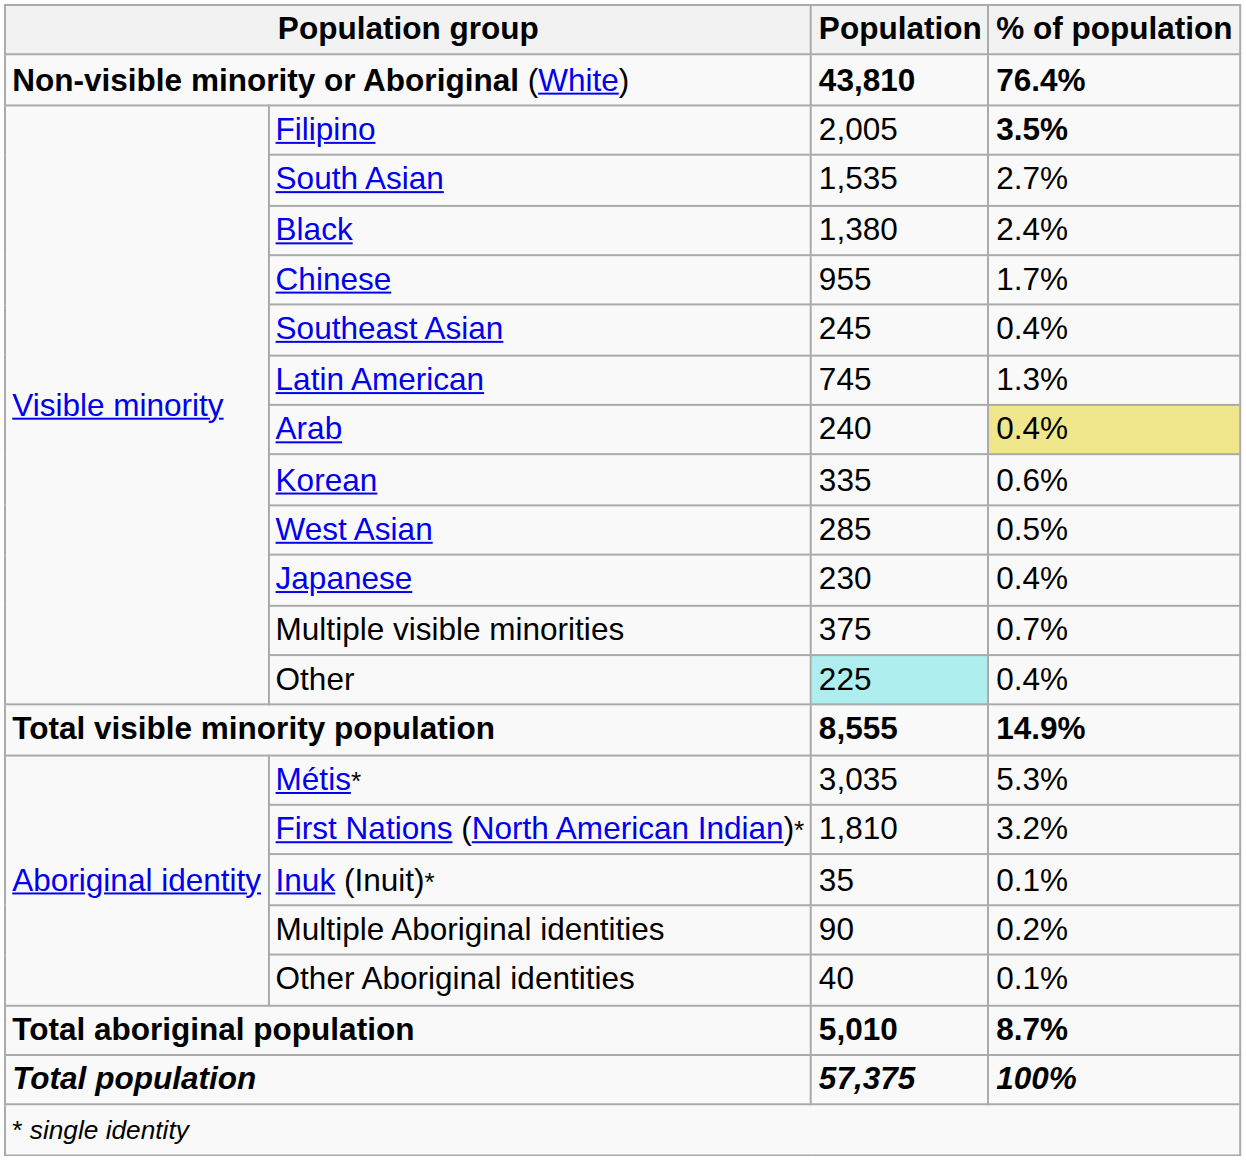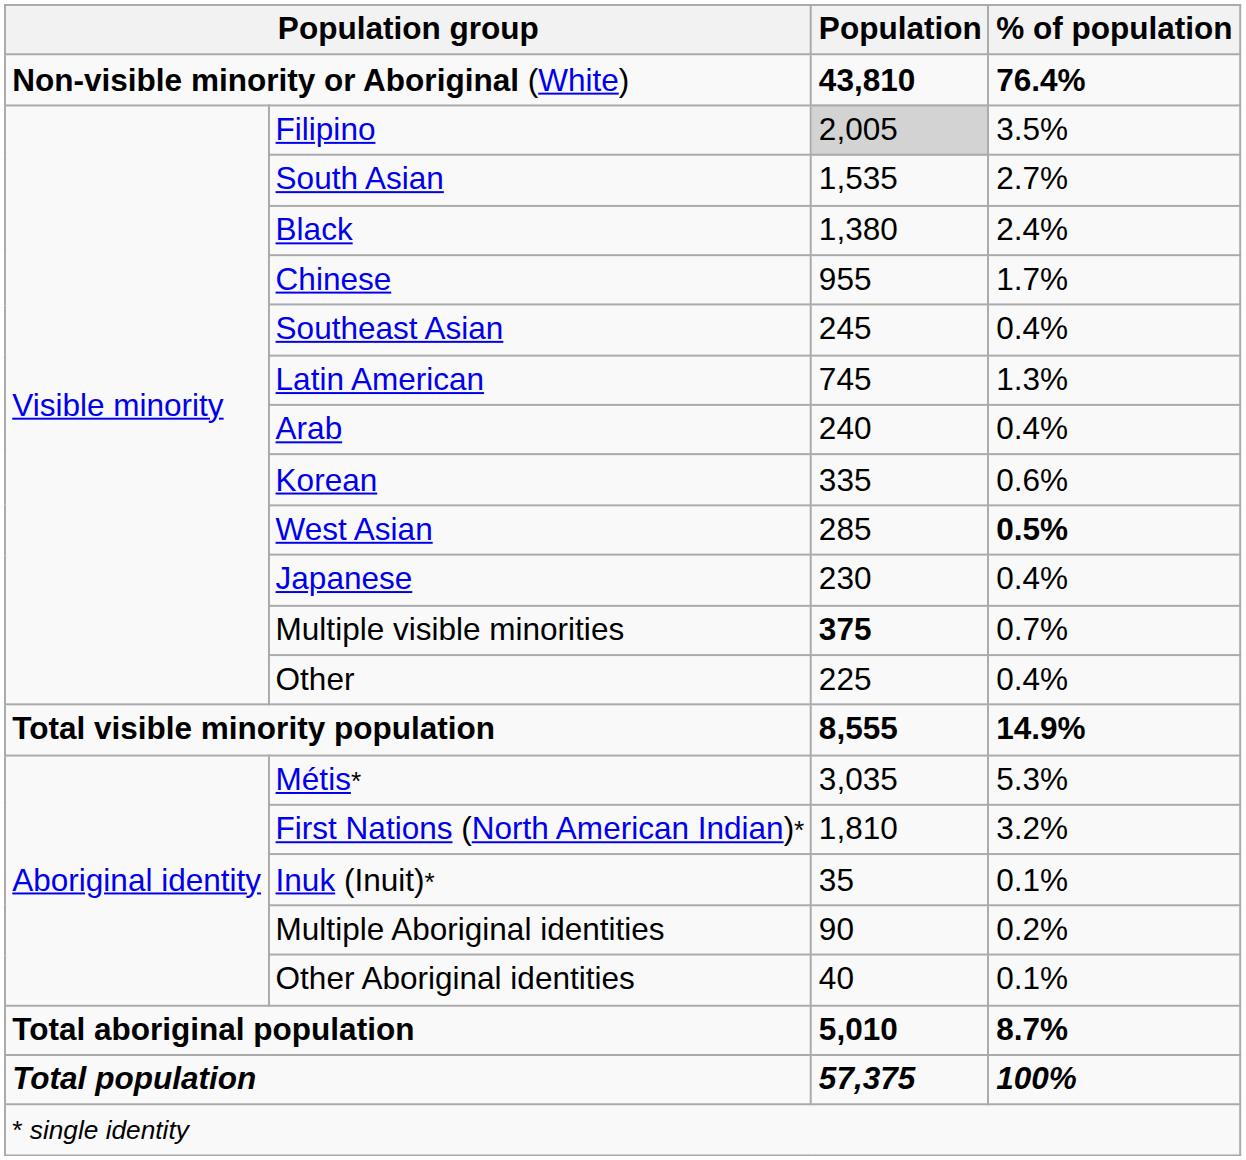 <table class="wikitable">
 <tr>
 <th colspan="2">Population group</th>
 <th>Population</th>
 <th>% of population</th>
 </tr>
 <tr>
 <td colspan="2"><strong>Non-visible minority or Aboriginal</strong> (<a href='#'>White</a>)</td>
 <td><strong>43,810</strong></td>
 <td><strong>76.4%</strong></td>
 </tr>
 <tr>
 <td rowspan="12"><a href='#'>Visible minority</a></td>
 <td><a href='#'>Filipino</a></td>
-<td>2,005</td>
-<td><strong>3.5%</strong></td>
+<td style="background: lightgrey;">2,005</td>
+<td>3.5%</td>
 </tr>
 <tr>
 <td><a href='#'>South Asian</a></td>
 <td>1,535</td>
 <td>2.7%</td>
 </tr>
 <tr>
 <td><a href='#'>Black</a></td>
 <td>1,380</td>
 <td>2.4%</td>
 </tr>
 <tr>
 <td><a href='#'>Chinese</a></td>
 <td>955</td>
 <td>1.7%</td>
 </tr>
 <tr>
 <td><a href='#'>Southeast Asian</a></td>
 <td>245</td>
 <td>0.4%</td>
 </tr>
 <tr>
 <td><a href='#'>Latin American</a></td>
 <td>745</td>
 <td>1.3%</td>
 </tr>
 <tr>
 <td><a href='#'>Arab</a></td>
 <td>240</td>
-<td style="background: khaki;">0.4%</td>
+<td>0.4%</td>
 </tr>
 <tr>
 <td><a href='#'>Korean</a></td>
 <td>335</td>
 <td>0.6%</td>
 </tr>
 <tr>
 <td><a href='#'>West Asian</a></td>
 <td>285</td>
-<td>0.5%</td>
+<td><strong>0.5%</strong></td>
 </tr>
 <tr>
 <td><a href='#'>Japanese</a></td>
 <td>230</td>
 <td>0.4%</td>
 </tr>
 <tr>
 <td>Multiple visible minorities</td>
-<td>375</td>
+<td><strong>375</strong></td>
 <td>0.7%</td>
 </tr>
 <tr>
 <td>Other</td>
-<td style="background: paleturquoise;">225</td>
+<td>225</td>
 <td>0.4%</td>
 </tr>
 <tr>
 <td colspan="2"><strong>Total visible minority population</strong></td>
 <td><strong>8,555</strong></td>
 <td><strong>14.9%</strong></td>
 </tr>
 <tr>
 <td rowspan="5"><a href='#'>Aboriginal identity</a></td>
 <td><a href='#'>Métis</a><small>*</small></td>
 <td>3,035</td>
 <td>5.3%</td>
 </tr>
 <tr>
 <td><a href='#'>First Nations</a> (<a href='#'>North American Indian</a>)<small>*</small></td>
 <td>1,810</td>
 <td>3.2%</td>
 </tr>
 <tr>
 <td><a href='#'>Inuk</a> (Inuit)<small>*</small></td>
 <td>35</td>
 <td>0.1%</td>
 </tr>
 <tr>
 <td>Multiple Aboriginal identities</td>
 <td>90</td>
 <td>0.2%</td>
 </tr>
 <tr>
 <td>Other Aboriginal identities</td>
 <td>40</td>
 <td>0.1%</td>
 </tr>
 <tr>
 <td colspan="2"><strong>Total aboriginal population</strong></td>
 <td><strong>5,010</strong></td>
 <td><strong>8.7%</strong></td>
 </tr>
 <tr>
 <td colspan="2"><strong><em>Total population</em></strong></td>
 <td><strong><em>57,375</em></strong></td>
 <td><strong><em>100%</em></strong></td>
 </tr>
 <tr>
 <td colspan="4"><small>* <em>single identity</em></small></td>
 </tr>
 </table>
